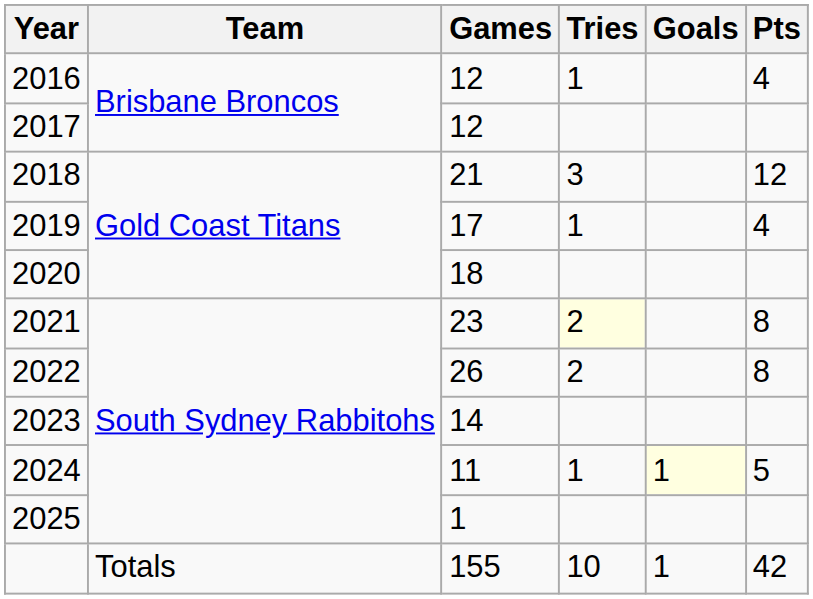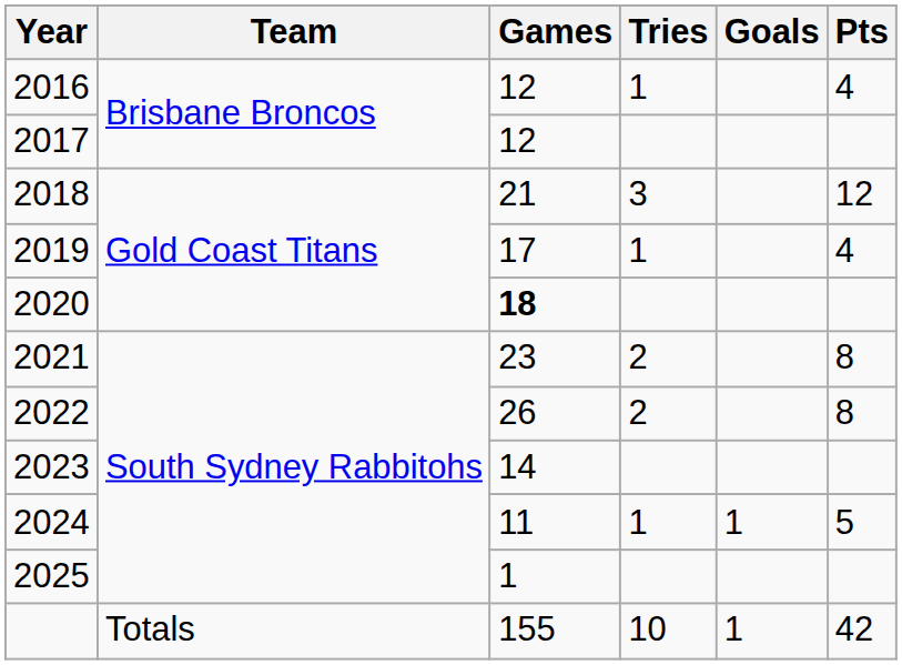 <table class="wikitable">
 <tr>
 <th>Year</th>
 <th>Team</th>
 <th>Games</th>
 <th>Tries</th>
 <th>Goals</th>
 <th>Pts</th>
 </tr>
 <tr>
 <td>2016</td>
 <td rowspan="2"> <a href='#'>Brisbane Broncos</a></td>
 <td>12</td>
 <td>1</td>
 <td></td>
 <td>4</td>
 </tr>
 <tr>
 <td>2017</td>
 <td>12</td>
 <td></td>
 <td></td>
 <td></td>
 </tr>
 <tr>
 <td>2018</td>
 <td rowspan="3"> <a href='#'>Gold Coast Titans</a></td>
 <td>21</td>
 <td>3</td>
 <td></td>
 <td>12</td>
 </tr>
 <tr>
 <td>2019</td>
 <td>17</td>
 <td>1</td>
 <td></td>
 <td>4</td>
 </tr>
 <tr>
 <td>2020</td>
-<td>18</td>
+<td><strong>18</strong></td>
 <td></td>
 <td></td>
 <td></td>
 </tr>
 <tr>
 <td>2021</td>
 <td rowspan="5"> <a href='#'>South Sydney Rabbitohs</a></td>
 <td>23</td>
-<td style="background: lightyellow;">2</td>
+<td>2</td>
 <td></td>
 <td>8</td>
 </tr>
 <tr>
 <td>2022</td>
 <td>26</td>
 <td>2</td>
 <td></td>
 <td>8</td>
 </tr>
 <tr>
 <td>2023</td>
 <td>14</td>
 <td></td>
 <td></td>
 <td></td>
 </tr>
 <tr>
 <td>2024</td>
 <td>11</td>
 <td>1</td>
-<td style="background: lightyellow;">1</td>
+<td>1</td>
 <td>5</td>
 </tr>
 <tr>
 <td>2025</td>
 <td>1</td>
 <td></td>
 <td></td>
 <td></td>
 </tr>
 <tr>
 <td></td>
 <td>Totals</td>
 <td>155</td>
 <td>10</td>
 <td>1</td>
 <td>42</td>
 </tr>
 </table>
